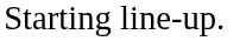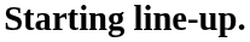 <table class="toccolours" style="float: right; width: 200px; margin-left: 1em; margin-bottom: 0.5em;">
 <tr>
 <td><div><br>                            </div></td>
 </tr>
 <tr>
-<td style="font-size:90%">Starting line-up.</td>
+<td style="font-size:90%"><strong>Starting line-up.</strong></td>
 </tr>
 </table>
